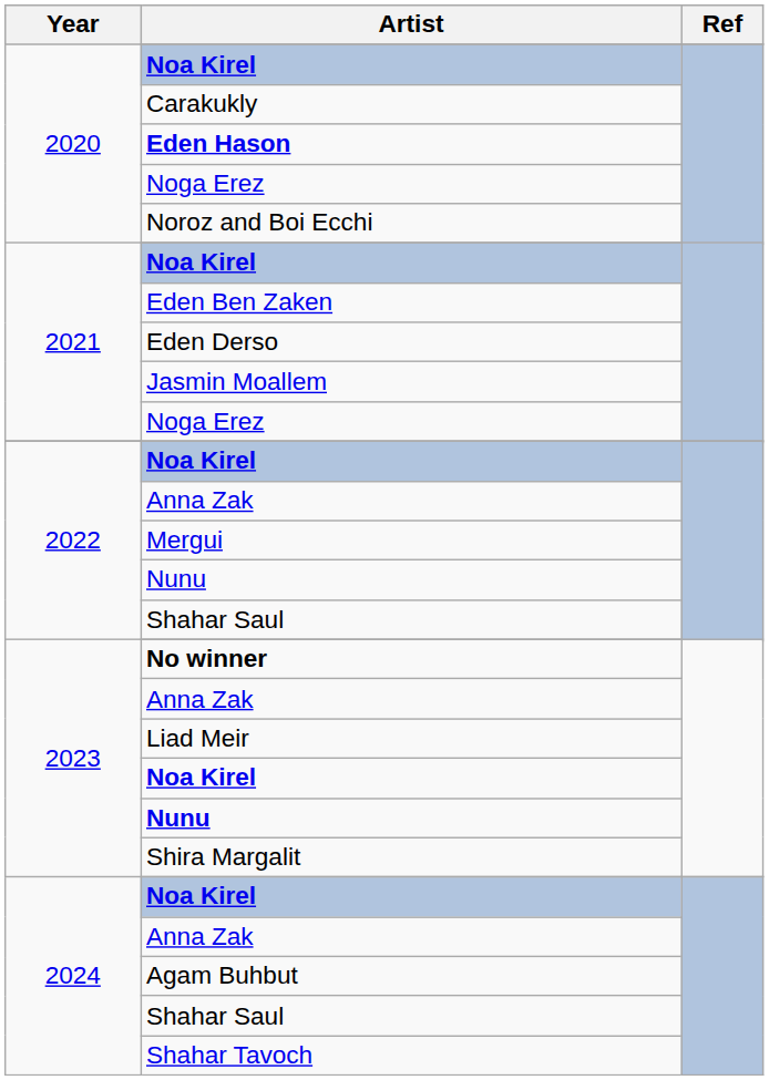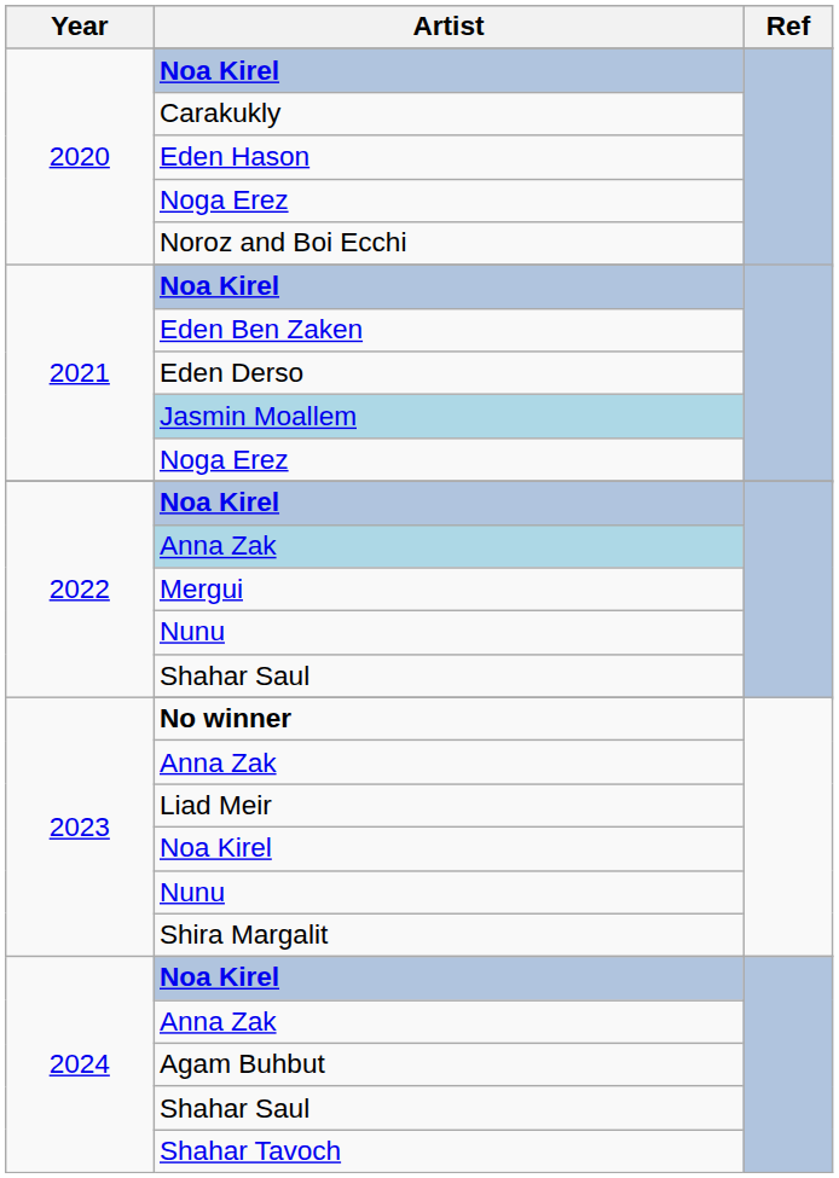 <table class="wikitable" style="width:55%;">
 <tr style="background:#bebebe;">
 <th style="width:10%;">Year</th>
 <th style="width:40%;">Artist</th>
 <th style="width:5%;">Ref</th>
 </tr>
 <tr>
 <td rowspan="6" align="center"><a href='#'>2020</a></td>
 </tr>
 <tr style="background:#B0C4DE">
 <td><strong><a href='#'>Noa Kirel</a></strong></td>
 <td rowspan="6" align="center"></td>
 </tr>
 <tr>
 <td>Carakukly</td>
 </tr>
 <tr>
-<td><strong><a href='#'>Eden Hason</a></strong></td>
+<td><a href='#'>Eden Hason</a></td>
 </tr>
 <tr>
 <td><a href='#'>Noga Erez</a></td>
 </tr>
 <tr>
 <td>Noroz and Boi Ecchi</td>
 </tr>
 <tr>
 <td rowspan="6" align="center"><a href='#'>2021</a></td>
 </tr>
 <tr style="background:#B0C4DE">
 <td><strong><a href='#'>Noa Kirel</a></strong></td>
 <td rowspan="6" align="center"></td>
 </tr>
 <tr>
 <td><a href='#'>Eden Ben Zaken</a></td>
 </tr>
 <tr>
 <td>Eden Derso</td>
 </tr>
 <tr>
-<td><a href='#'>Jasmin Moallem</a></td>
+<td style="background: lightblue;"><a href='#'>Jasmin Moallem</a></td>
 </tr>
 <tr>
 <td><a href='#'>Noga Erez</a></td>
 </tr>
 <tr>
 </tr>
 <tr>
 <td rowspan="6" align="center"><a href='#'>2022</a></td>
 </tr>
 <tr style="background:#B0C4DE">
 <td><strong><a href='#'>Noa Kirel</a></strong></td>
 <td rowspan="6" align="center"></td>
 </tr>
 <tr>
-<td><a href='#'>Anna Zak</a></td>
+<td style="background: lightblue;"><a href='#'>Anna Zak</a></td>
 </tr>
 <tr>
 <td><a href='#'>Mergui</a></td>
 </tr>
 <tr>
 <td><a href='#'>Nunu</a></td>
 </tr>
 <tr>
 <td>Shahar Saul</td>
 </tr>
 <tr>
 <td rowspan="7" align="center"><a href='#'>2023</a></td>
 </tr>
 <tr>
 <td><strong>No winner</strong></td>
 <td rowspan="6" align="center"></td>
 </tr>
 <tr>
 <td><a href='#'>Anna Zak</a></td>
 </tr>
 <tr>
 <td>Liad Meir</td>
 </tr>
 <tr>
-<td><strong><a href='#'>Noa Kirel</a></strong></td>
+<td><a href='#'>Noa Kirel</a></td>
 </tr>
 <tr>
-<td><strong><a href='#'>Nunu</a></strong></td>
+<td><a href='#'>Nunu</a></td>
 </tr>
 <tr>
 <td>Shira Margalit</td>
 </tr>
 <tr>
 <td rowspan="6" align="center"><a href='#'>2024</a></td>
 </tr>
 <tr style="background:#B0C4DE">
 <td><strong><a href='#'>Noa Kirel</a></strong></td>
 <td rowspan="6" align="center"></td>
 </tr>
 <tr>
 <td><a href='#'>Anna Zak</a></td>
 </tr>
 <tr>
 <td>Agam Buhbut</td>
 </tr>
 <tr>
 <td>Shahar Saul</td>
 </tr>
 <tr>
 <td><a href='#'>Shahar Tavoch</a></td>
 </tr>
 </table>
